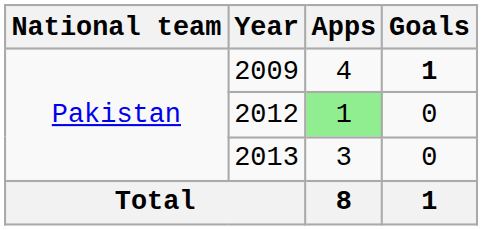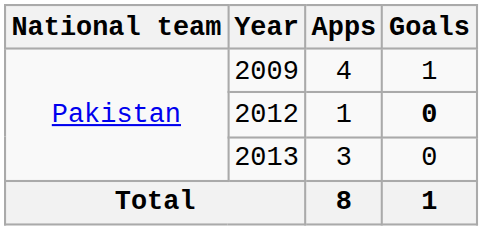 <table class="wikitable" style="text-align:center">
 <tr>
 <th>National team</th>
 <th>Year</th>
 <th>Apps</th>
 <th>Goals</th>
 </tr>
 <tr>
 <td rowspan="3"><a href='#'>Pakistan</a></td>
 <td>2009</td>
 <td>4</td>
-<td><strong>1</strong></td>
+<td>1</td>
 </tr>
 <tr>
 <td>2012</td>
-<td style="background: lightgreen;">1</td>
-<td>0</td>
+<td>1</td>
+<td><strong>0</strong></td>
 </tr>
 <tr>
 <td>2013</td>
 <td>3</td>
 <td>0</td>
 </tr>
 <tr>
 <th colspan="2">Total</th>
 <th>8</th>
 <th>1</th>
 </tr>
 </table>
